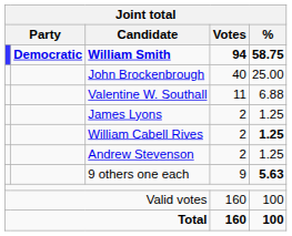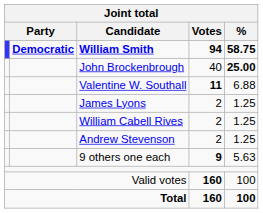 <table class=wikitable style=text-align:right>
 <tr>
 <th colspan="5">Joint total</th>
 </tr>
 <tr>
 <th colspan=2>Party</th>
 <th>Candidate</th>
 <th>Votes</th>
 <th>%</th>
 </tr>
 <tr>
 <td bgcolor=#3333FF></td>
 <td align=left><strong><a href='#'>Democratic</a></strong></td>
 <td align=left><strong><a href='#'>William Smith</a></strong></td>
 <td><strong>94</strong></td>
 <td><strong>58.75</strong></td>
 </tr>
 <tr>
 <td bgcolor=></td>
 <td></td>
 <td align=left><a href='#'>John Brockenbrough</a></td>
 <td>40</td>
-<td>25.00</td>
+<td><strong>25.00</strong></td>
 </tr>
 <tr>
 <td bgcolor=></td>
 <td></td>
 <td align=left><a href='#'>Valentine W. Southall</a></td>
-<td>11</td>
+<td><strong>11</strong></td>
 <td>6.88</td>
 </tr>
 <tr>
 <td bgcolor=></td>
 <td></td>
 <td align=left><a href='#'>James Lyons</a></td>
 <td>2</td>
 <td>1.25</td>
 </tr>
 <tr>
 <td bgcolor=></td>
 <td></td>
 <td align=left><a href='#'>William Cabell Rives</a></td>
 <td>2</td>
-<td><strong>1.25</strong></td>
+<td>1.25</td>
 </tr>
 <tr>
 <td bgcolor=></td>
 <td></td>
 <td align=left><a href='#'>Andrew Stevenson</a></td>
 <td>2</td>
 <td>1.25</td>
 </tr>
 <tr>
 <td bgcolor=></td>
 <td></td>
 <td align=left>9 others one each</td>
-<td>9</td>
-<td><strong>5.63</strong></td>
+<td><strong>9</strong></td>
+<td>5.63</td>
 </tr>
 <tr>
 <td colspan=12></td>
 </tr>
 <tr>
 <td colspan=3>Valid votes</td>
-<td>160</td>
+<td><strong>160</strong></td>
 <td>100</td>
 </tr>
 <tr>
 <td colspan=3><strong>Total</strong></td>
 <td><strong>160</strong></td>
 <td><strong>100</strong></td>
 </tr>
 </table>
